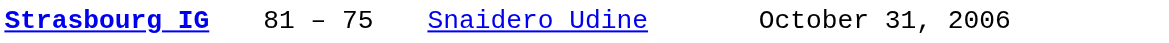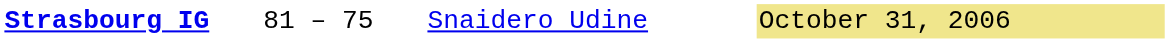 <table style="text-align:center">
 <tr>
 <th width=160></th>
 <th width=100></th>
 <th width=160></th>
 <th width=200></th>
 </tr>
 <tr>
 <td align=right><strong><a href='#'>Strasbourg IG</a></strong> </td>
 <td>81 – 75</td>
 <td align=left> <a href='#'>Snaidero Udine</a></td>
-<td align=left>October 31, 2006</td>
+<td align=left style="background: khaki;">October 31, 2006</td>
 </tr>
 </table>
